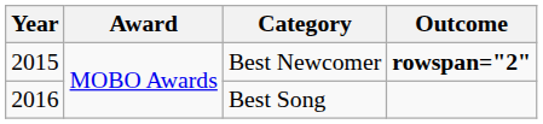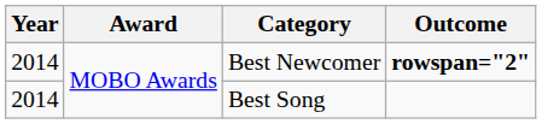 <table class="wikitable">
 <tr>
 <th>Year</th>
 <th>Award</th>
 <th>Category</th>
 <th>Outcome</th>
 </tr>
 <tr>
-<td>2015</td>
+<td>2014</td>
 <td rowspan="2"><a href='#'>MOBO Awards</a></td>
 <td>Best Newcomer</td>
 <td><strong>rowspan="2" </strong></td>
 </tr>
 <tr>
-<td>2016</td>
+<td>2014</td>
 <td>Best Song</td>
 </tr>
 </table>
